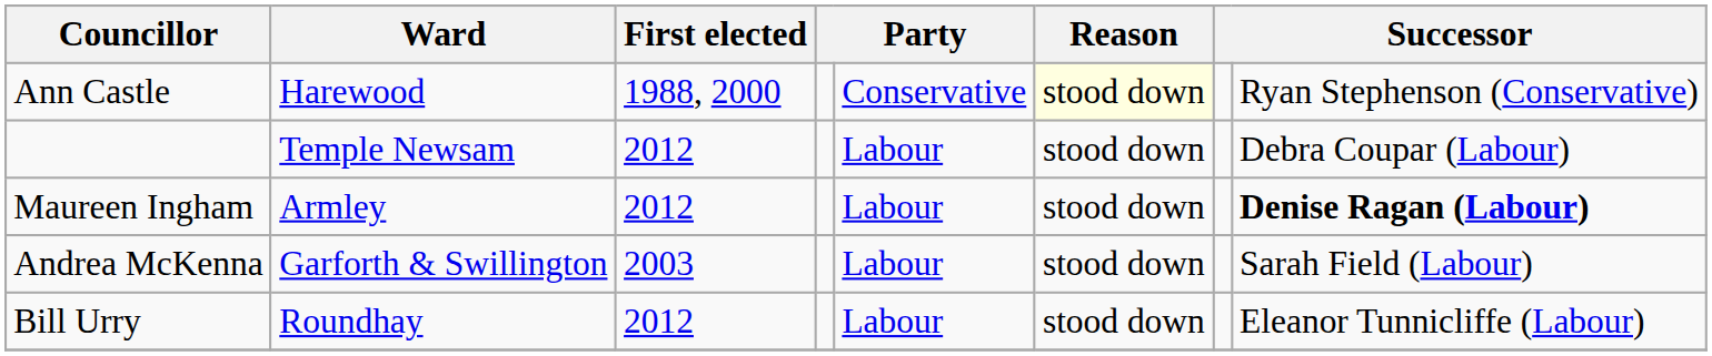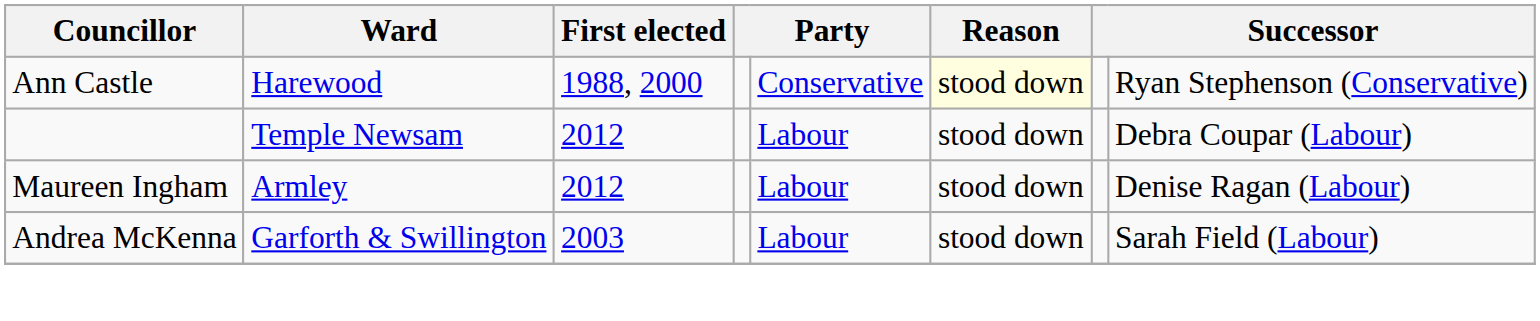 <table class="wikitable sortable" style="font-size:95%;">
 <tr>
 <th scope="col">Councillor</th>
 <th scope="col">Ward</th>
 <th scope="col">First elected</th>
 <th colspan="2" scope="col">Party</th>
 <th scope="col">Reason</th>
 <th colspan="2" scope="col">Successor</th>
 </tr>
 <tr>
 <td>Ann Castle</td>
 <td><a href='#'>Harewood</a></td>
 <td><a href='#'>1988</a>, <a href='#'>2000</a></td>
 <td width="1" style="color:inherit;background:"></td>
 <td><a href='#'>Conservative</a></td>
 <td style="background: lightyellow;">stood down</td>
 <td width="1" style="color:inherit;background:"></td>
 <td>Ryan Stephenson (<a href='#'>Conservative</a>)</td>
 </tr>
 <tr>
 <td></td>
 <td><a href='#'>Temple Newsam</a></td>
 <td><a href='#'>2012</a></td>
 <td width="1" style="color:inherit;background:"></td>
 <td><a href='#'>Labour</a></td>
 <td>stood down</td>
 <td width="1" style="color:inherit;background:"></td>
 <td>Debra Coupar (<a href='#'>Labour</a>)</td>
 </tr>
 <tr>
 <td>Maureen Ingham</td>
 <td><a href='#'>Armley</a></td>
 <td><a href='#'>2012</a></td>
 <td width="1" style="color:inherit;background:"></td>
 <td><a href='#'>Labour</a></td>
 <td>stood down</td>
 <td width="1" style="color:inherit;background:"></td>
-<td><strong>Denise Ragan (<a href='#'>Labour</a>)</strong></td>
+<td>Denise Ragan (<a href='#'>Labour</a>)</td>
 </tr>
 <tr>
 <td>Andrea McKenna</td>
 <td><a href='#'>Garforth & Swillington</a></td>
 <td><a href='#'>2003</a></td>
 <td width="1" style="color:inherit;background:"></td>
 <td><a href='#'>Labour</a></td>
 <td>stood down</td>
 <td width="1" style="color:inherit;background:"></td>
 <td>Sarah Field (<a href='#'>Labour</a>)</td>
 </tr>
 <tr>
-<td>Bill Urry</td>
-<td><a href='#'>Roundhay</a></td>
-<td><a href='#'>2012</a></td>
-<td width="1" style="color:inherit;background:"></td>
-<td><a href='#'>Labour</a></td>
-<td>stood down</td>
-<td width="1" style="color:inherit;background:"></td>
-<td>Eleanor Tunnicliffe (<a href='#'>Labour</a>)</td>
-</tr>
-<tr>
 </tr>
 </table>
